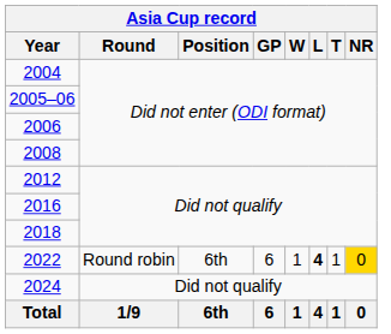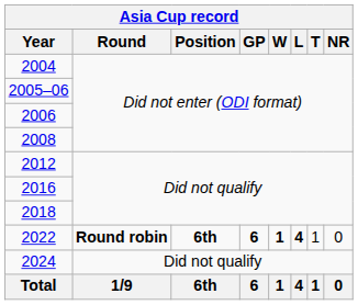 <table class="wikitable" style="text-align: center; width=900px;">
 <tr>
 <th colspan="8"><a href='#'>Asia Cup record</a></th>
 </tr>
 <tr>
 <th>Year</th>
 <th>Round</th>
 <th>Position</th>
 <th>GP</th>
 <th>W</th>
 <th>L</th>
 <th>T</th>
 <th>NR</th>
 </tr>
 <tr>
 <td><a href='#'>2004</a> </td>
 <td colspan="7" rowspan="4"><em>Did not enter (<a href='#'>ODI</a> format)</em></td>
 </tr>
 <tr>
 <td><a href='#'>2005–06</a> </td>
 </tr>
 <tr>
 <td><a href='#'>2006</a> </td>
 </tr>
 <tr>
 <td><a href='#'>2008</a> </td>
 </tr>
 <tr>
 <td><a href='#'>2012</a> </td>
 <td colspan="7" rowspan="3"><em>Did not qualify</td>
 </tr>
 <tr>
 <td><a href='#'>2016</a> </td>
 </tr>
 <tr>
 <td><a href='#'>2018</a> </td>
 </tr>
 <tr>
 <td><a href='#'>2022</a> </td>
-<td>Round robin</td>
-<td>6th</td>
-<td>6</td>
-<td>1</td>
+<td><strong>Round robin</strong></td>
+<td><strong>6th</strong></td>
+<td><strong>6</strong></td>
+<td><strong>1</strong></td>
 <td><strong>4</strong></td>
 <td>1</td>
-<td style="background: gold;">0</td>
+<td>0</td>
 </tr>
 <tr>
 <td><a href='#'>2024</a> </td>
 <td colspan="7">Did not qualify</td>
 </tr>
 <tr>
 <th>Total</th>
 <th>1/9</th>
 <th>6th</th>
 <th>6</th>
 <th>1</th>
 <th>4</th>
 <th>1</th>
 <th>0</th>
 </tr>
 </table>
